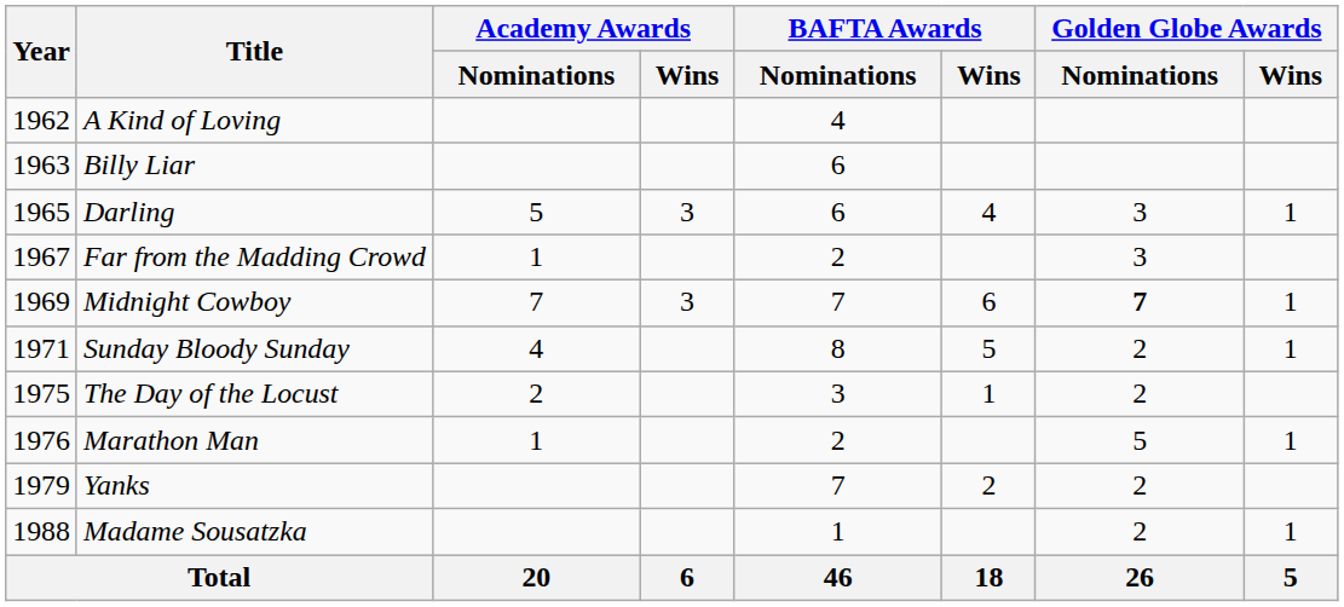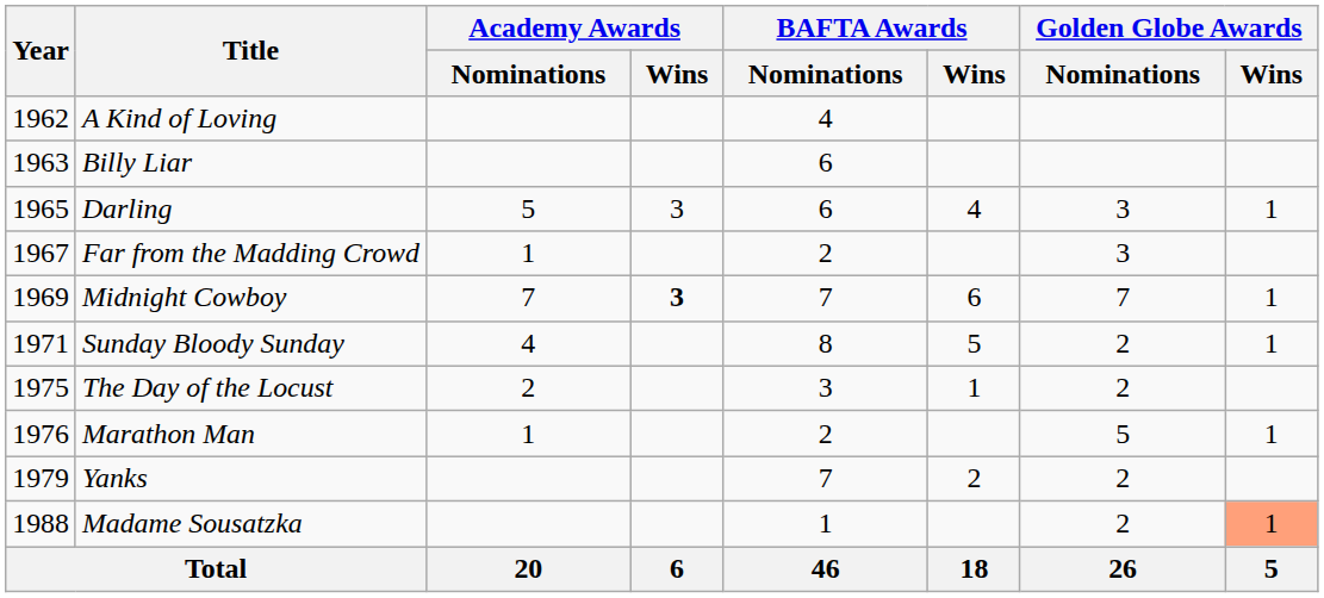 <table class="wikitable">
 <tr>
 <th rowspan="2">Year</th>
 <th rowspan="2">Title</th>
 <th colspan="2" width=160 style="text-align:center;"><a href='#'>Academy Awards</a></th>
 <th colspan="2" width=160 style="text-align:center;"><a href='#'>BAFTA Awards</a></th>
 <th colspan="2" width=160 style="text-align:center;"><a href='#'>Golden Globe Awards</a></th>
 </tr>
 <tr>
 <th>Nominations</th>
 <th>Wins</th>
 <th>Nominations</th>
 <th>Wins</th>
 <th>Nominations</th>
 <th>Wins</th>
 </tr>
 <tr>
 <td>1962</td>
 <td><em>A Kind of Loving</em></td>
 <td></td>
 <td></td>
 <td align=center>4</td>
 <td></td>
 <td></td>
 <td></td>
 </tr>
 <tr>
 <td>1963</td>
 <td><em>Billy Liar</em></td>
 <td></td>
 <td></td>
 <td align=center>6</td>
 <td></td>
 <td></td>
 <td></td>
 </tr>
 <tr>
 <td>1965</td>
 <td><em>Darling</em></td>
 <td align=center>5</td>
 <td align=center>3</td>
 <td align=center>6</td>
 <td align=center>4</td>
 <td align=center>3</td>
 <td align=center>1</td>
 </tr>
 <tr>
 <td>1967</td>
 <td><em>Far from the Madding Crowd</em></td>
 <td align=center>1</td>
 <td></td>
 <td align=center>2</td>
 <td></td>
 <td align=center>3</td>
 <td></td>
 </tr>
 <tr>
 <td>1969</td>
 <td><em>Midnight Cowboy</em></td>
 <td align=center>7</td>
-<td align=center>3</td>
+<td align=center><strong>3</strong></td>
 <td align=center>7</td>
 <td align=center>6</td>
-<td align=center><strong>7</strong></td>
+<td align=center>7</td>
 <td align=center>1</td>
 </tr>
 <tr>
 <td>1971</td>
 <td><em>Sunday Bloody Sunday</em></td>
 <td align=center>4</td>
 <td></td>
 <td align=center>8</td>
 <td align=center>5</td>
 <td align=center>2</td>
 <td align=center>1</td>
 </tr>
 <tr>
 <td>1975</td>
 <td><em>The Day of the Locust</em></td>
 <td align=center>2</td>
 <td></td>
 <td align=center>3</td>
 <td align=center>1</td>
 <td align=center>2</td>
 <td></td>
 </tr>
 <tr>
 <td>1976</td>
 <td><em>Marathon Man</em></td>
 <td align=center>1</td>
 <td></td>
 <td align=center>2</td>
 <td></td>
 <td align=center>5</td>
 <td align=center>1</td>
 </tr>
 <tr>
 <td>1979</td>
 <td><em>Yanks</em></td>
 <td></td>
 <td></td>
 <td align=center>7</td>
 <td align=center>2</td>
 <td align=center>2</td>
 <td></td>
 </tr>
 <tr>
 <td>1988</td>
 <td><em>Madame Sousatzka</em></td>
 <td></td>
 <td></td>
 <td align=center>1</td>
 <td></td>
 <td align=center>2</td>
-<td align=center>1</td>
+<td align=center style="background: lightsalmon;">1</td>
 </tr>
 <tr>
 <th colspan="2">Total</th>
 <th align=center>20</th>
 <th align=center>6</th>
 <th align=center>46</th>
 <th align=center>18</th>
 <th align=center>26</th>
 <th align=center>5</th>
 </tr>
 </table>
